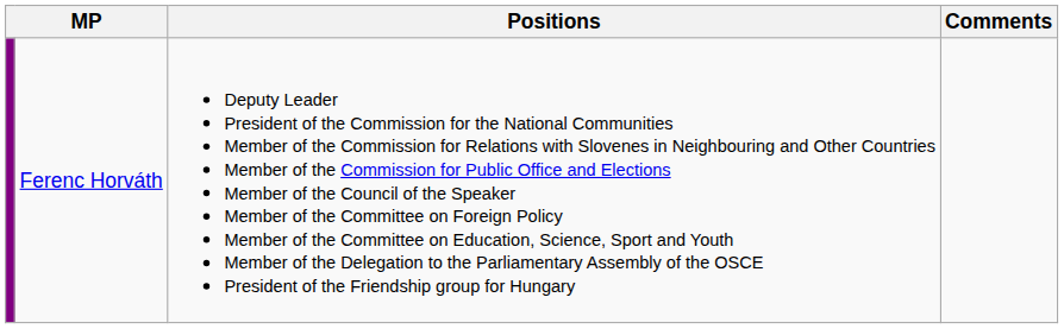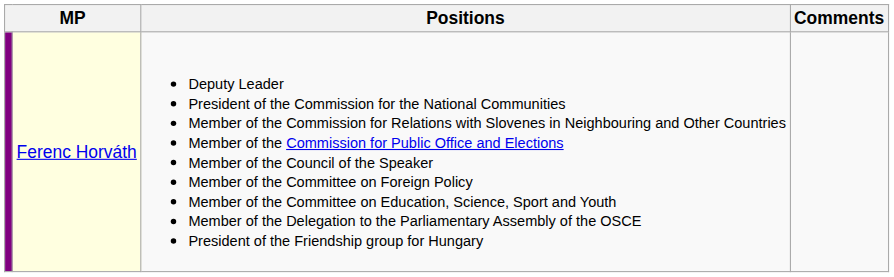 <table class="wikitable">
 <tr>
 <th colspan="2">MP</th>
 <th>Positions</th>
 <th>Comments</th>
 </tr>
 <tr>
 <td style="background:purple"></td>
-<td><a href='#'>Ferenc Horváth</a></td>
+<td style="background: lightyellow;"><a href='#'>Ferenc Horváth</a></td>
 <td><br><ul><li><small>Deputy Leader</small></li><li><small>President of the Commission for the National Communities</small></li><li><small>Member of the Commission for Relations with Slovenes in Neighbouring and Other Countries</small></li><li><small>Member of the <a href='#'>Commission for Public Office and Elections</a></small></li><li><small>Member of the Council of the Speaker</small></li><li><small>Member of the Committee on Foreign Policy</small></li><li><small>Member of the Committee on Education, Science, Sport and Youth</small></li><li><small>Member of the Delegation to the Parliamentary Assembly of the OSCE</small></li><li><small>President of the Friendship group for Hungary</small></li></ul></td>
 <td></td>
 </tr>
 </table>
